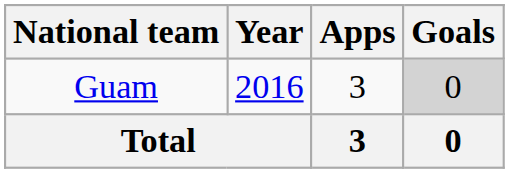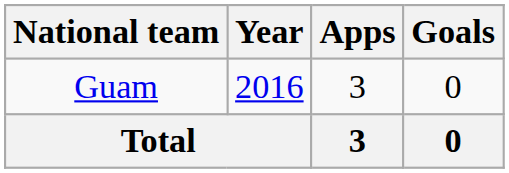 <table class="wikitable" style="text-align:center">
 <tr>
 <th>National team</th>
 <th>Year</th>
 <th>Apps</th>
 <th>Goals</th>
 </tr>
 <tr>
 <td><a href='#'>Guam</a></td>
 <td><a href='#'>2016</a></td>
 <td>3</td>
-<td style="background: lightgrey;">0</td>
+<td>0</td>
 </tr>
 <tr>
 <th colspan=2>Total</th>
 <th>3</th>
 <th>0</th>
 </tr>
 </table>
